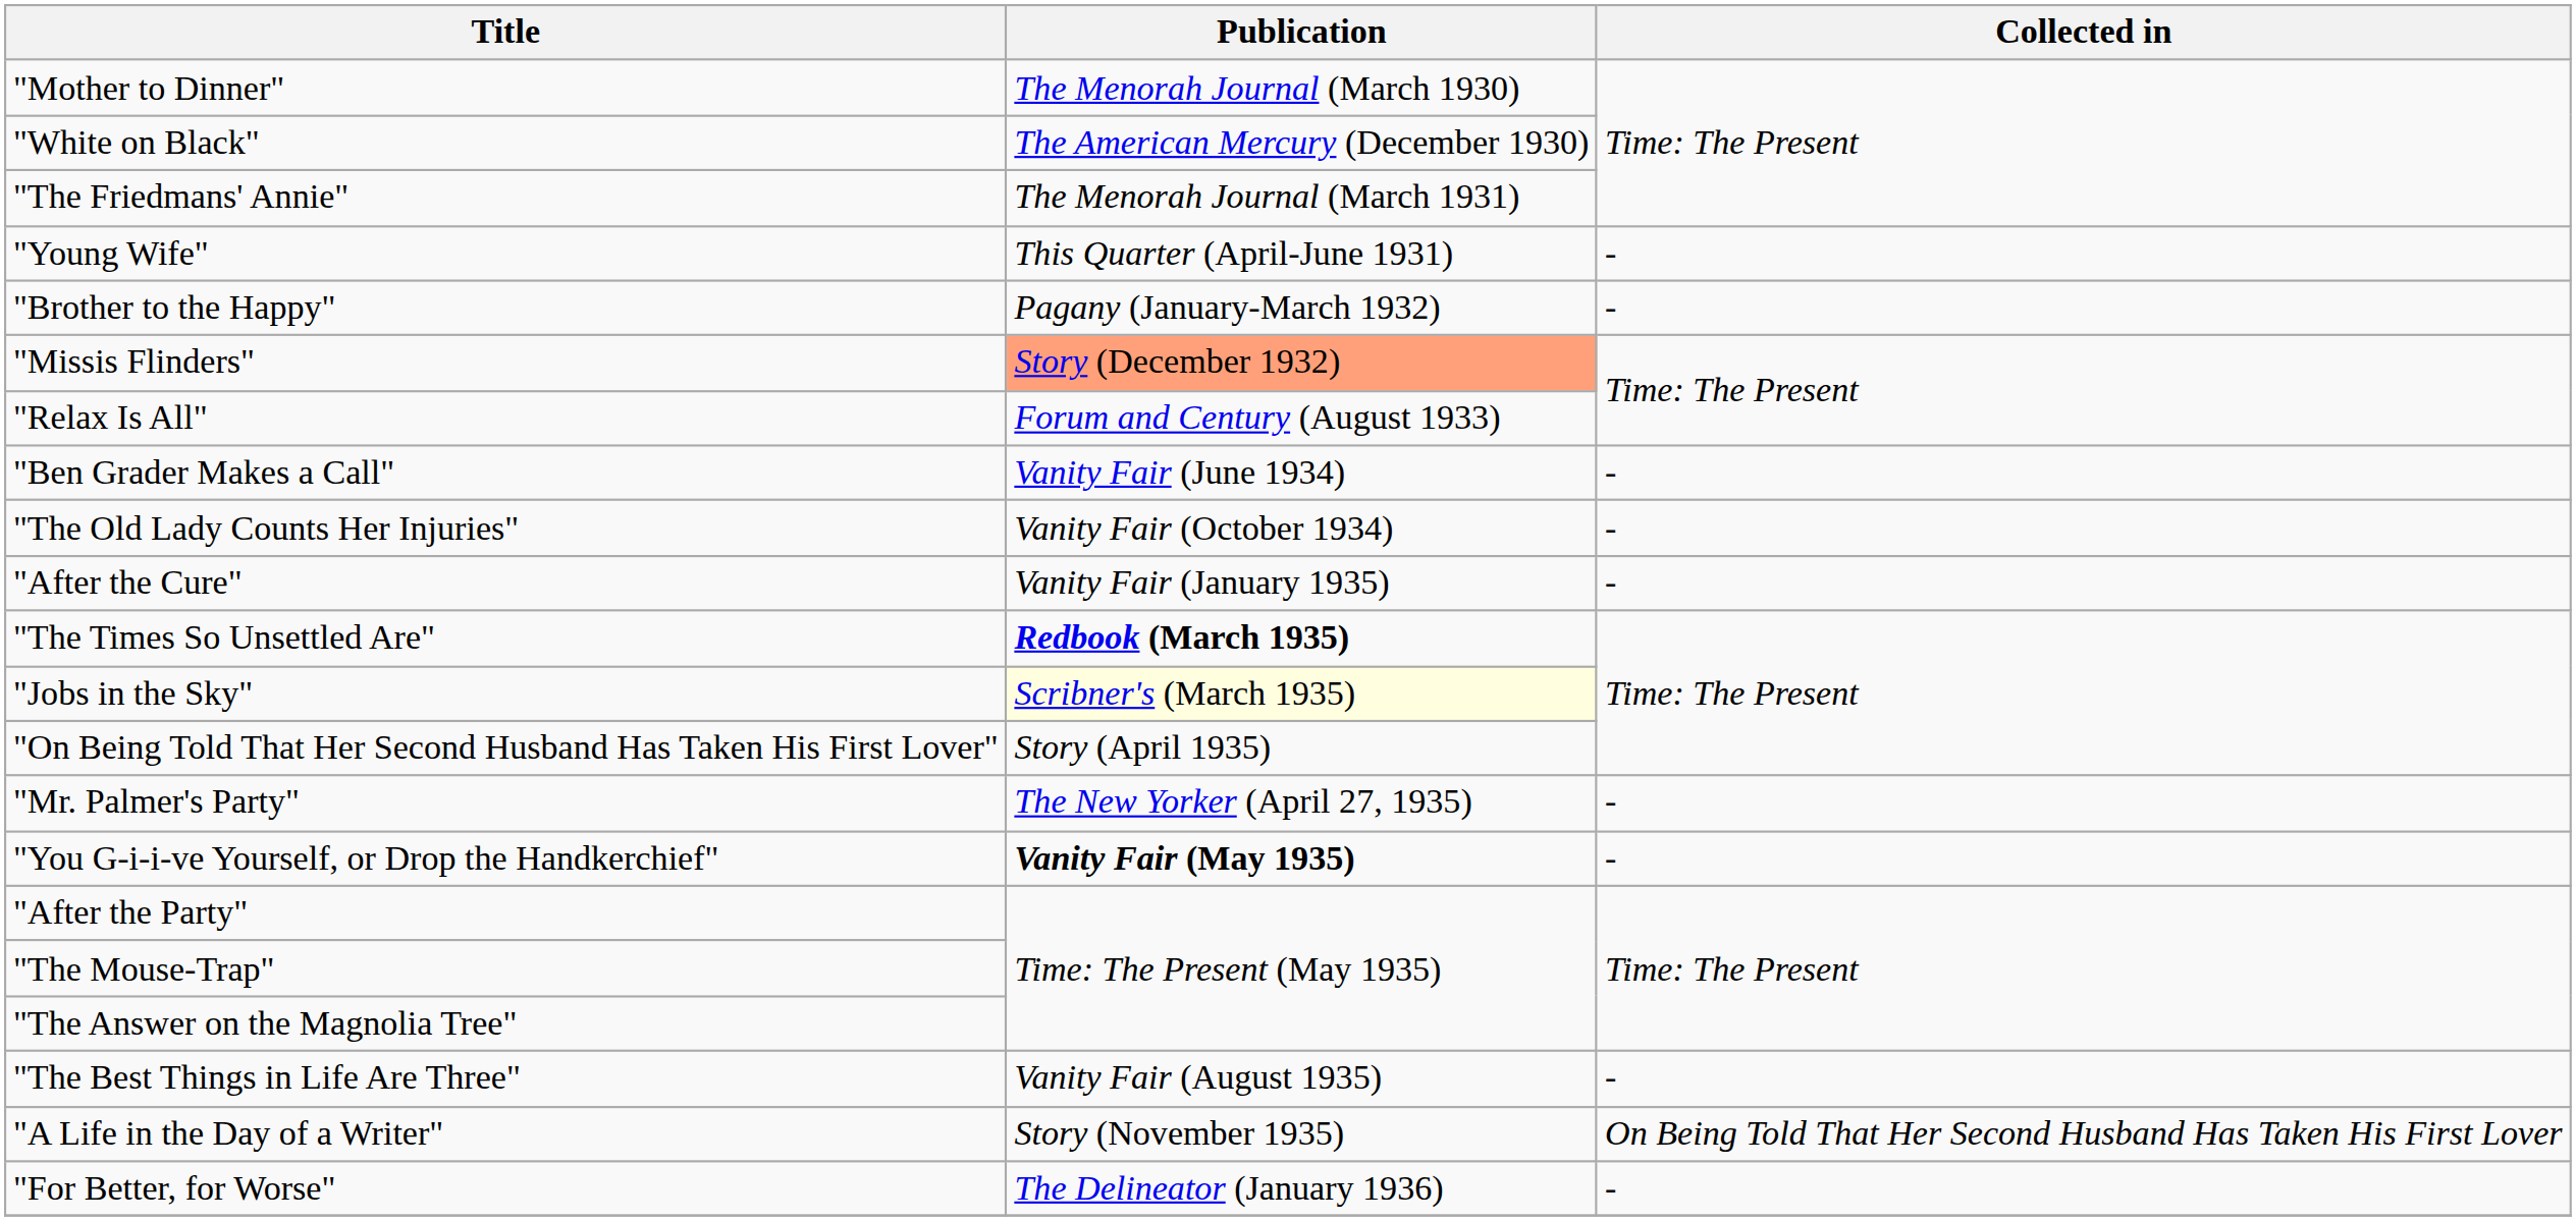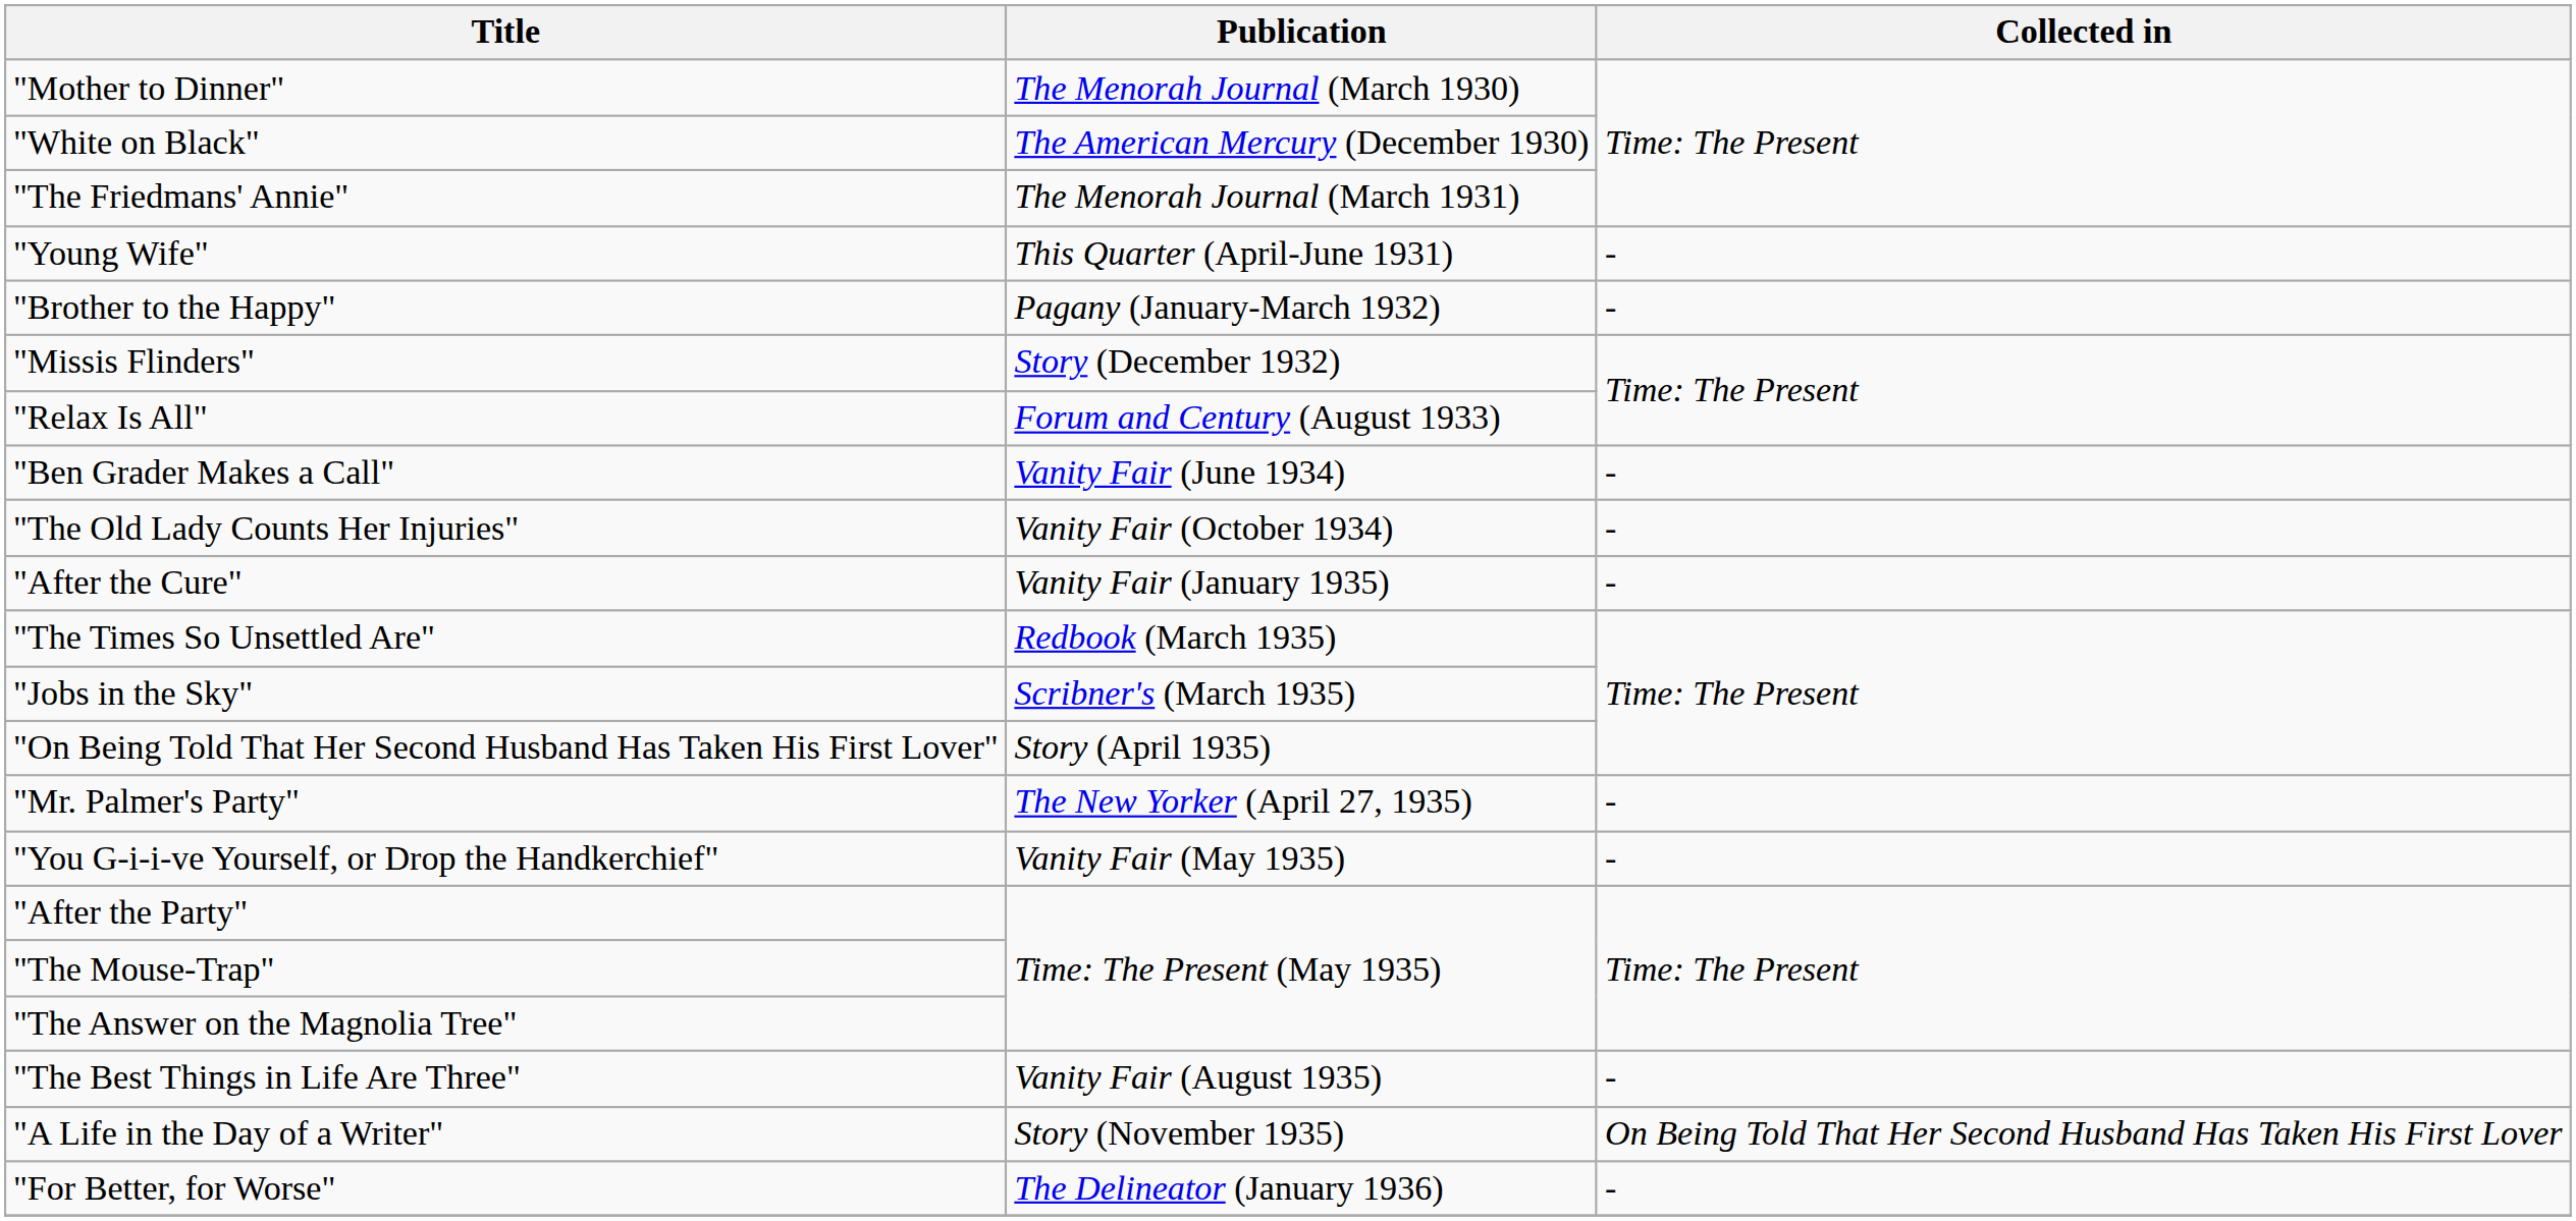 <table class="wikitable">
 <tr>
 <th>Title</th>
 <th>Publication</th>
 <th>Collected in</th>
 </tr>
 <tr>
 <td>"Mother to Dinner"</td>
 <td><em><a href='#'>The Menorah Journal</a></em> (March 1930)</td>
 <td rowspan=3><em>Time: The Present</em></td>
 </tr>
 <tr>
 <td>"White on Black"</td>
 <td><em><a href='#'>The American Mercury</a></em> (December 1930)</td>
 </tr>
 <tr>
 <td>"The Friedmans' Annie"</td>
 <td><em>The Menorah Journal</em> (March 1931)</td>
 </tr>
 <tr>
 <td>"Young Wife"</td>
 <td><em>This Quarter</em> (April-June 1931)</td>
 <td>-</td>
 </tr>
 <tr>
 <td>"Brother to the Happy"</td>
 <td><em>Pagany</em> (January-March 1932)</td>
 <td>-</td>
 </tr>
 <tr>
 <td>"Missis Flinders"</td>
-<td style="background: lightsalmon;"><em><a href='#'>Story</a></em> (December 1932)</td>
+<td><em><a href='#'>Story</a></em> (December 1932)</td>
 <td rowspan=2><em>Time: The Present</em></td>
 </tr>
 <tr>
 <td>"Relax Is All"</td>
 <td><em><a href='#'>Forum and Century</a></em> (August 1933)</td>
 </tr>
 <tr>
 <td>"Ben Grader Makes a Call"</td>
 <td><em><a href='#'>Vanity Fair</a></em> (June 1934)</td>
 <td>-</td>
 </tr>
 <tr>
 <td>"The Old Lady Counts Her Injuries"</td>
 <td><em>Vanity Fair</em> (October 1934)</td>
 <td>-</td>
 </tr>
 <tr>
 <td>"After the Cure"</td>
 <td><em>Vanity Fair</em> (January 1935)</td>
 <td>-</td>
 </tr>
 <tr>
 <td>"The Times So Unsettled Are"</td>
-<td><strong><em><a href='#'>Redbook</a></em> (March 1935)</strong></td>
+<td><em><a href='#'>Redbook</a></em> (March 1935)</td>
 <td rowspan=3><em>Time: The Present</em></td>
 </tr>
 <tr>
 <td>"Jobs in the Sky"</td>
-<td style="background: lightyellow;"><em><a href='#'>Scribner's</a></em> (March 1935)</td>
+<td><em><a href='#'>Scribner's</a></em> (March 1935)</td>
 </tr>
 <tr>
 <td>"On Being Told That Her Second Husband Has Taken His First Lover"</td>
 <td><em>Story</em> (April 1935)</td>
 </tr>
 <tr>
 <td>"Mr. Palmer's Party"</td>
 <td><em><a href='#'>The New Yorker</a></em> (April 27, 1935)</td>
 <td>-</td>
 </tr>
 <tr>
 <td>"You G-i-i-ve Yourself, or Drop the Handkerchief"</td>
-<td><strong><em>Vanity Fair</em> (May 1935)</strong></td>
+<td><em>Vanity Fair</em> (May 1935)</td>
 <td>-</td>
 </tr>
 <tr>
 <td>"After the Party"</td>
 <td rowspan=3><em>Time: The Present</em> (May 1935)</td>
 <td rowspan=3><em>Time: The Present</em></td>
 </tr>
 <tr>
 <td>"The Mouse-Trap"</td>
 </tr>
 <tr>
 <td>"The Answer on the Magnolia Tree"</td>
 </tr>
 <tr>
 <td>"The Best Things in Life Are Three"</td>
 <td><em>Vanity Fair</em> (August 1935)</td>
 <td>-</td>
 </tr>
 <tr>
 <td>"A Life in the Day of a Writer"</td>
 <td><em>Story</em> (November 1935)</td>
 <td><em>On Being Told That Her Second Husband Has Taken His First Lover</em></td>
 </tr>
 <tr>
 <td>"For Better, for Worse"</td>
 <td><em><a href='#'>The Delineator</a></em> (January 1936)</td>
 <td>-</td>
 </tr>
 <tr>
 </tr>
 </table>
